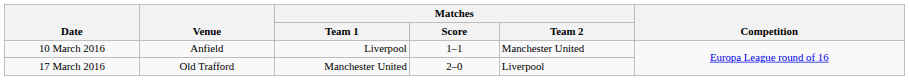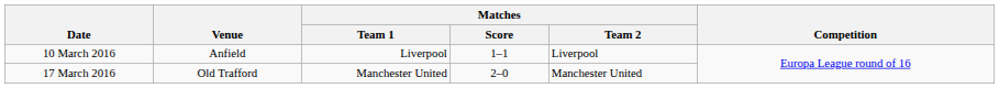 <table class="wikitable" style="font-size:90%;width:95%;text-align:center">
 <tr>
 <th rowspan="2" valign="bottom" width="15%">Date</th>
 <th rowspan="2" valign="bottom" width="15%">Venue</th>
 <th colspan="3" width="40%">Matches</th>
 <th rowspan="2" valign="bottom" width="30%">Competition</th>
 </tr>
 <tr>
 <th width="15%">Team 1</th>
 <th width="10%">Score</th>
 <th width="15%">Team 2</th>
 </tr>
 <tr>
 <td>10 March 2016</td>
 <td>Anfield</td>
 <td align="right">Liverpool</td>
 <td align="center">1–1</td>
-<td align="left">Manchester United</td>
+<td align="left">Liverpool</td>
 <td rowspan="2"><a href='#'>Europa League round of 16</a></td>
 </tr>
 <tr>
 <td>17 March 2016</td>
 <td>Old Trafford</td>
 <td align="right">Manchester United</td>
 <td align="center">2–0</td>
-<td align="left">Liverpool</td>
+<td align="left">Manchester United</td>
 </tr>
 </table>
